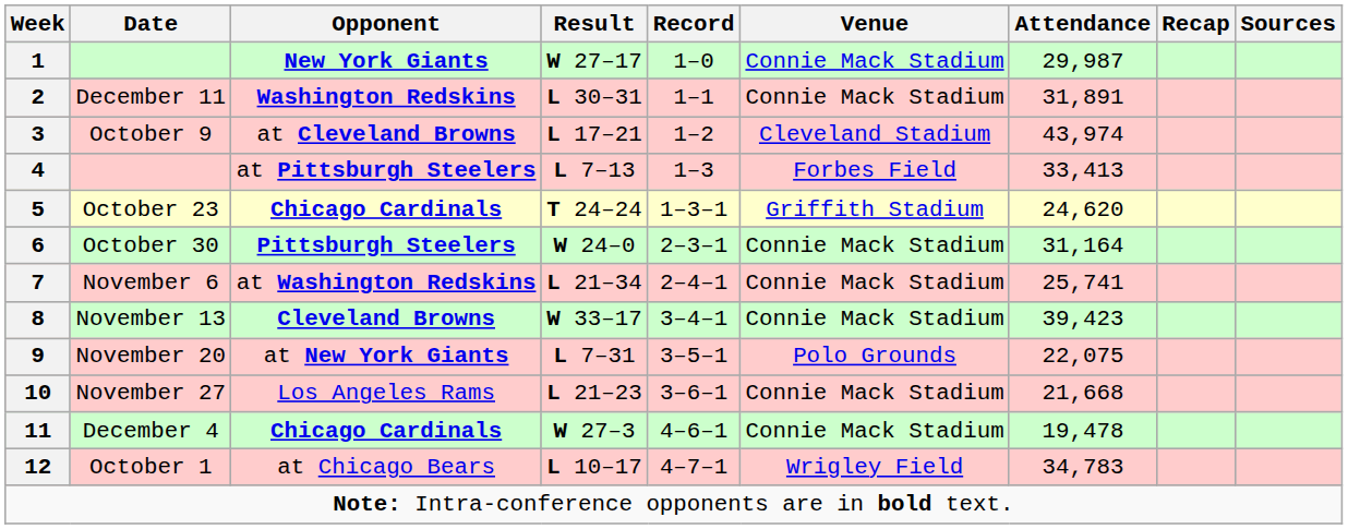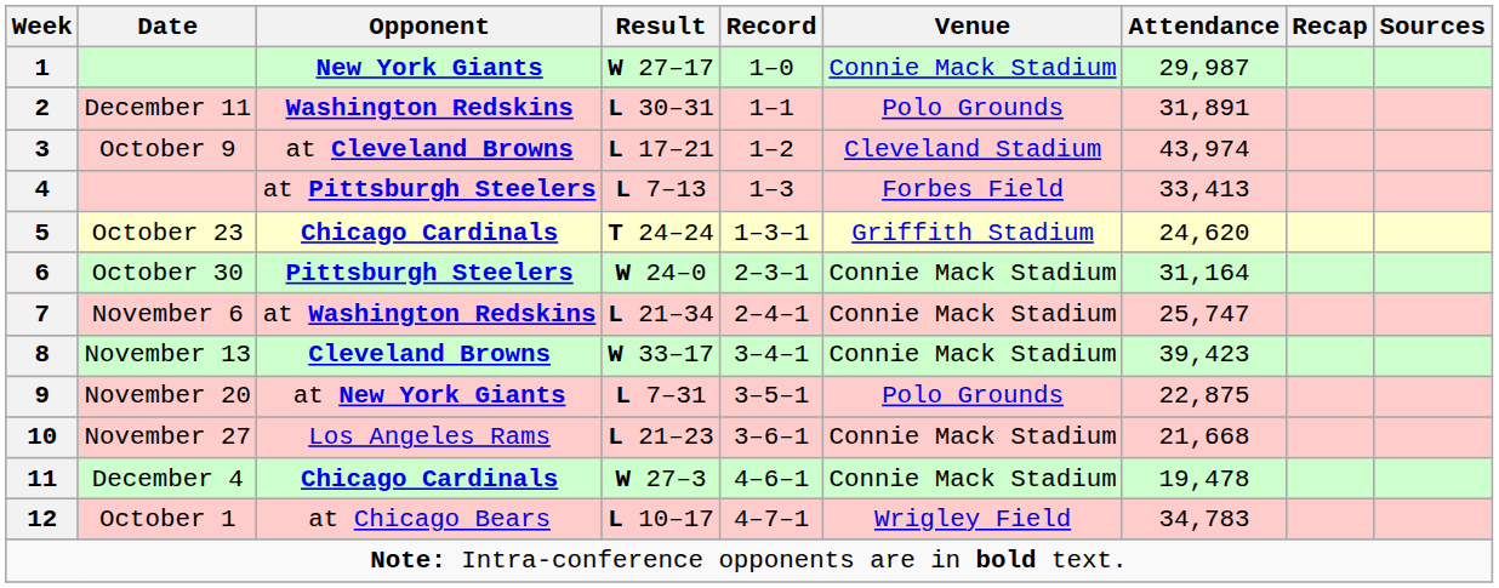 <table class="wikitable" style="text-align:center">
 <tr>
 <th>Week</th>
 <th>Date</th>
 <th>Opponent</th>
 <th>Result</th>
 <th>Record</th>
 <th>Venue</th>
 <th>Attendance</th>
 <th>Recap</th>
 <th>Sources</th>
 </tr>
 <tr style="background:#cfc">
 <th>1</th>
 <td></td>
 <td><strong><a href='#'>New York Giants</a></strong></td>
 <td><strong>W</strong> 27–17</td>
 <td>1–0</td>
 <td><a href='#'>Connie Mack Stadium</a></td>
 <td>29,987</td>
 <td></td>
 <td></td>
 </tr>
 <tr style="background:#fcc">
 <th>2</th>
 <td>December 11</td>
 <td><strong><a href='#'>Washington Redskins</a></strong></td>
 <td><strong>L</strong> 30–31</td>
 <td>1–1</td>
-<td>Connie Mack Stadium</td>
+<td><a href='#'>Polo Grounds</a></td>
 <td>31,891</td>
 <td></td>
 <td></td>
 </tr>
 <tr style="background:#fcc">
 <th>3</th>
 <td>October 9</td>
 <td>at <strong><a href='#'>Cleveland Browns</a></strong></td>
 <td><strong>L</strong> 17–21</td>
 <td>1–2</td>
 <td><a href='#'>Cleveland Stadium</a></td>
 <td>43,974</td>
 <td></td>
 <td></td>
 </tr>
 <tr style="background:#fcc">
 <th>4</th>
 <td></td>
 <td>at <strong><a href='#'>Pittsburgh Steelers</a></strong></td>
 <td><strong>L</strong> 7–13</td>
 <td>1–3</td>
 <td><a href='#'>Forbes Field</a></td>
 <td>33,413</td>
 <td></td>
 <td></td>
 </tr>
 <tr style="background:#ffc">
 <th>5</th>
 <td>October 23</td>
 <td><strong><a href='#'>Chicago Cardinals</a></strong></td>
 <td><strong>T</strong> 24–24</td>
 <td>1–3–1</td>
 <td><a href='#'>Griffith Stadium</a></td>
 <td>24,620</td>
 <td></td>
 <td></td>
 </tr>
 <tr style="background:#cfc">
 <th>6</th>
 <td>October 30</td>
 <td><strong><a href='#'>Pittsburgh Steelers</a></strong></td>
 <td><strong>W</strong> 24–0</td>
 <td>2–3–1</td>
 <td>Connie Mack Stadium</td>
 <td>31,164</td>
 <td></td>
 <td></td>
 </tr>
 <tr style="background:#fcc">
 <th>7</th>
 <td>November 6</td>
 <td>at <strong><a href='#'>Washington Redskins</a></strong></td>
 <td><strong>L</strong> 21–34</td>
 <td>2–4–1</td>
 <td>Connie Mack Stadium</td>
-<td>25,741</td>
+<td>25,747</td>
 <td></td>
 <td></td>
 </tr>
 <tr style="background:#cfc">
 <th>8</th>
 <td>November 13</td>
 <td><strong><a href='#'>Cleveland Browns</a></strong></td>
 <td><strong>W</strong> 33–17</td>
 <td>3–4–1</td>
 <td>Connie Mack Stadium</td>
 <td>39,423</td>
 <td></td>
 <td></td>
 </tr>
 <tr style="background:#fcc">
 <th>9</th>
 <td>November 20</td>
 <td>at <strong><a href='#'>New York Giants</a></strong></td>
 <td><strong>L</strong> 7–31</td>
 <td>3–5–1</td>
 <td><a href='#'>Polo Grounds</a></td>
-<td>22,075</td>
+<td>22,875</td>
 <td></td>
 <td></td>
 </tr>
 <tr style="background:#fcc">
 <th>10</th>
 <td>November 27</td>
 <td><a href='#'>Los Angeles Rams</a></td>
 <td><strong>L</strong> 21–23</td>
 <td>3–6–1</td>
 <td>Connie Mack Stadium</td>
 <td>21,668</td>
 <td></td>
 <td></td>
 </tr>
 <tr style="background:#cfc">
 <th>11</th>
 <td>December 4</td>
 <td><strong><a href='#'>Chicago Cardinals</a></strong></td>
 <td><strong>W</strong> 27–3</td>
 <td>4–6–1</td>
 <td>Connie Mack Stadium</td>
 <td>19,478</td>
 <td></td>
 <td></td>
 </tr>
 <tr style="background:#fcc">
 <th>12</th>
 <td>October 1</td>
 <td>at <a href='#'>Chicago Bears</a></td>
 <td><strong>L</strong> 10–17</td>
 <td>4–7–1</td>
 <td><a href='#'>Wrigley Field</a></td>
 <td>34,783</td>
 <td></td>
 <td></td>
 </tr>
 <tr>
 <td colspan="10"><strong>Note:</strong> Intra-conference opponents are in <strong>bold</strong> text.</td>
 </tr>
 </table>
